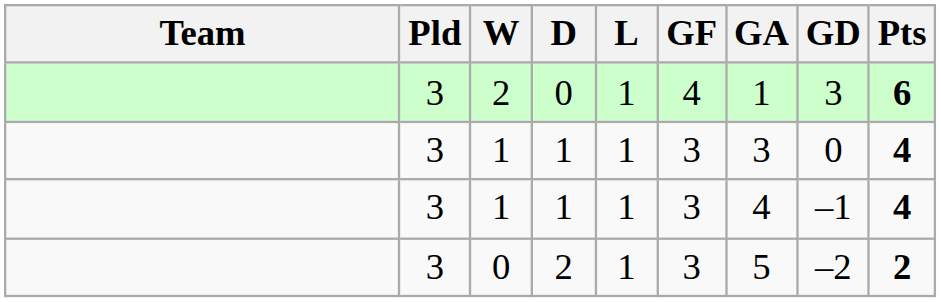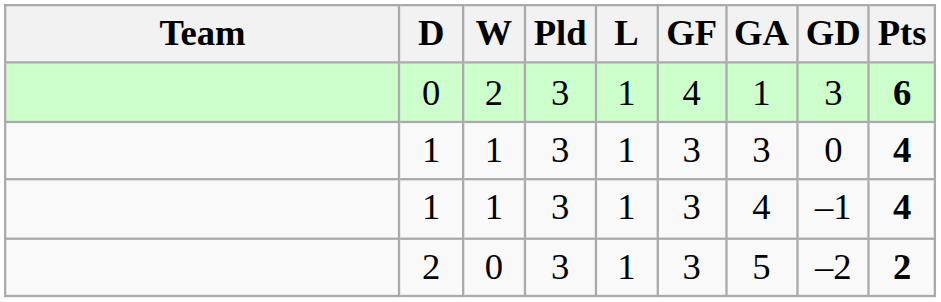 <table class="wikitable" style="text-align:center;">
 <tr>
 <th width=165>Team</th>
+<th width=20>D</th>
+<th width=20>W</th>
 <th width=20>Pld</th>
-<th width=20>W</th>
-<th width=20>D</th>
 <th width=20>L</th>
 <th width=20>GF</th>
 <th width=20>GA</th>
 <th width=20>GD</th>
 <th width=20>Pts<br></th>
 </tr>
 <tr align=center bgcolor="ccffcc">
 <td style="text-align:left;"></td>
+<td>0</td>
+<td>2</td>
 <td>3</td>
-<td>2</td>
-<td>0</td>
 <td>1</td>
 <td>4</td>
 <td>1</td>
 <td>3</td>
 <td><strong>6</strong></td>
 </tr>
 <tr align=center>
 <td style="text-align:left;"></td>
-<td>3</td>
 <td>1</td>
 <td>1</td>
+<td>3</td>
 <td>1</td>
 <td>3</td>
 <td>3</td>
 <td>0</td>
 <td><strong>4</strong></td>
 </tr>
 <tr align=center>
 <td style="text-align:left;"></td>
-<td>3</td>
 <td>1</td>
 <td>1</td>
+<td>3</td>
 <td>1</td>
 <td>3</td>
 <td>4</td>
 <td>–1</td>
 <td><strong>4</strong></td>
 </tr>
 <tr align=center>
 <td style="text-align:left;"></td>
+<td>2</td>
+<td>0</td>
 <td>3</td>
-<td>0</td>
-<td>2</td>
 <td>1</td>
 <td>3</td>
 <td>5</td>
 <td>–2</td>
 <td><strong>2</strong></td>
 </tr>
 </table>
